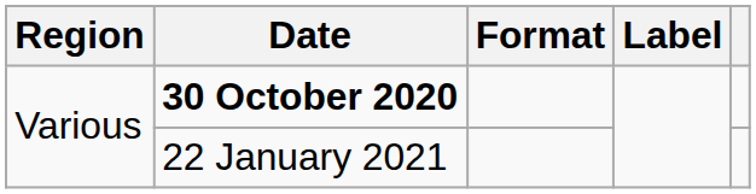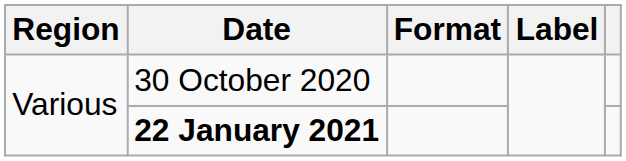 <table class="wikitable plainrowheaders">
 <tr>
 <th scope="col">Region</th>
 <th scope="col">Date</th>
 <th scope="col">Format</th>
 <th scope="col">Label</th>
 <th scope="col"></th>
 </tr>
 <tr>
 <td rowspan="2">Various</td>
-<td><strong>30 October 2020</strong></td>
+<td>30 October 2020</td>
 <td></td>
 <td rowspan="2"></td>
 <td></td>
 </tr>
 <tr>
-<td>22 January 2021</td>
+<td><strong>22 January 2021</strong></td>
 <td></td>
 <td></td>
 </tr>
 </table>
